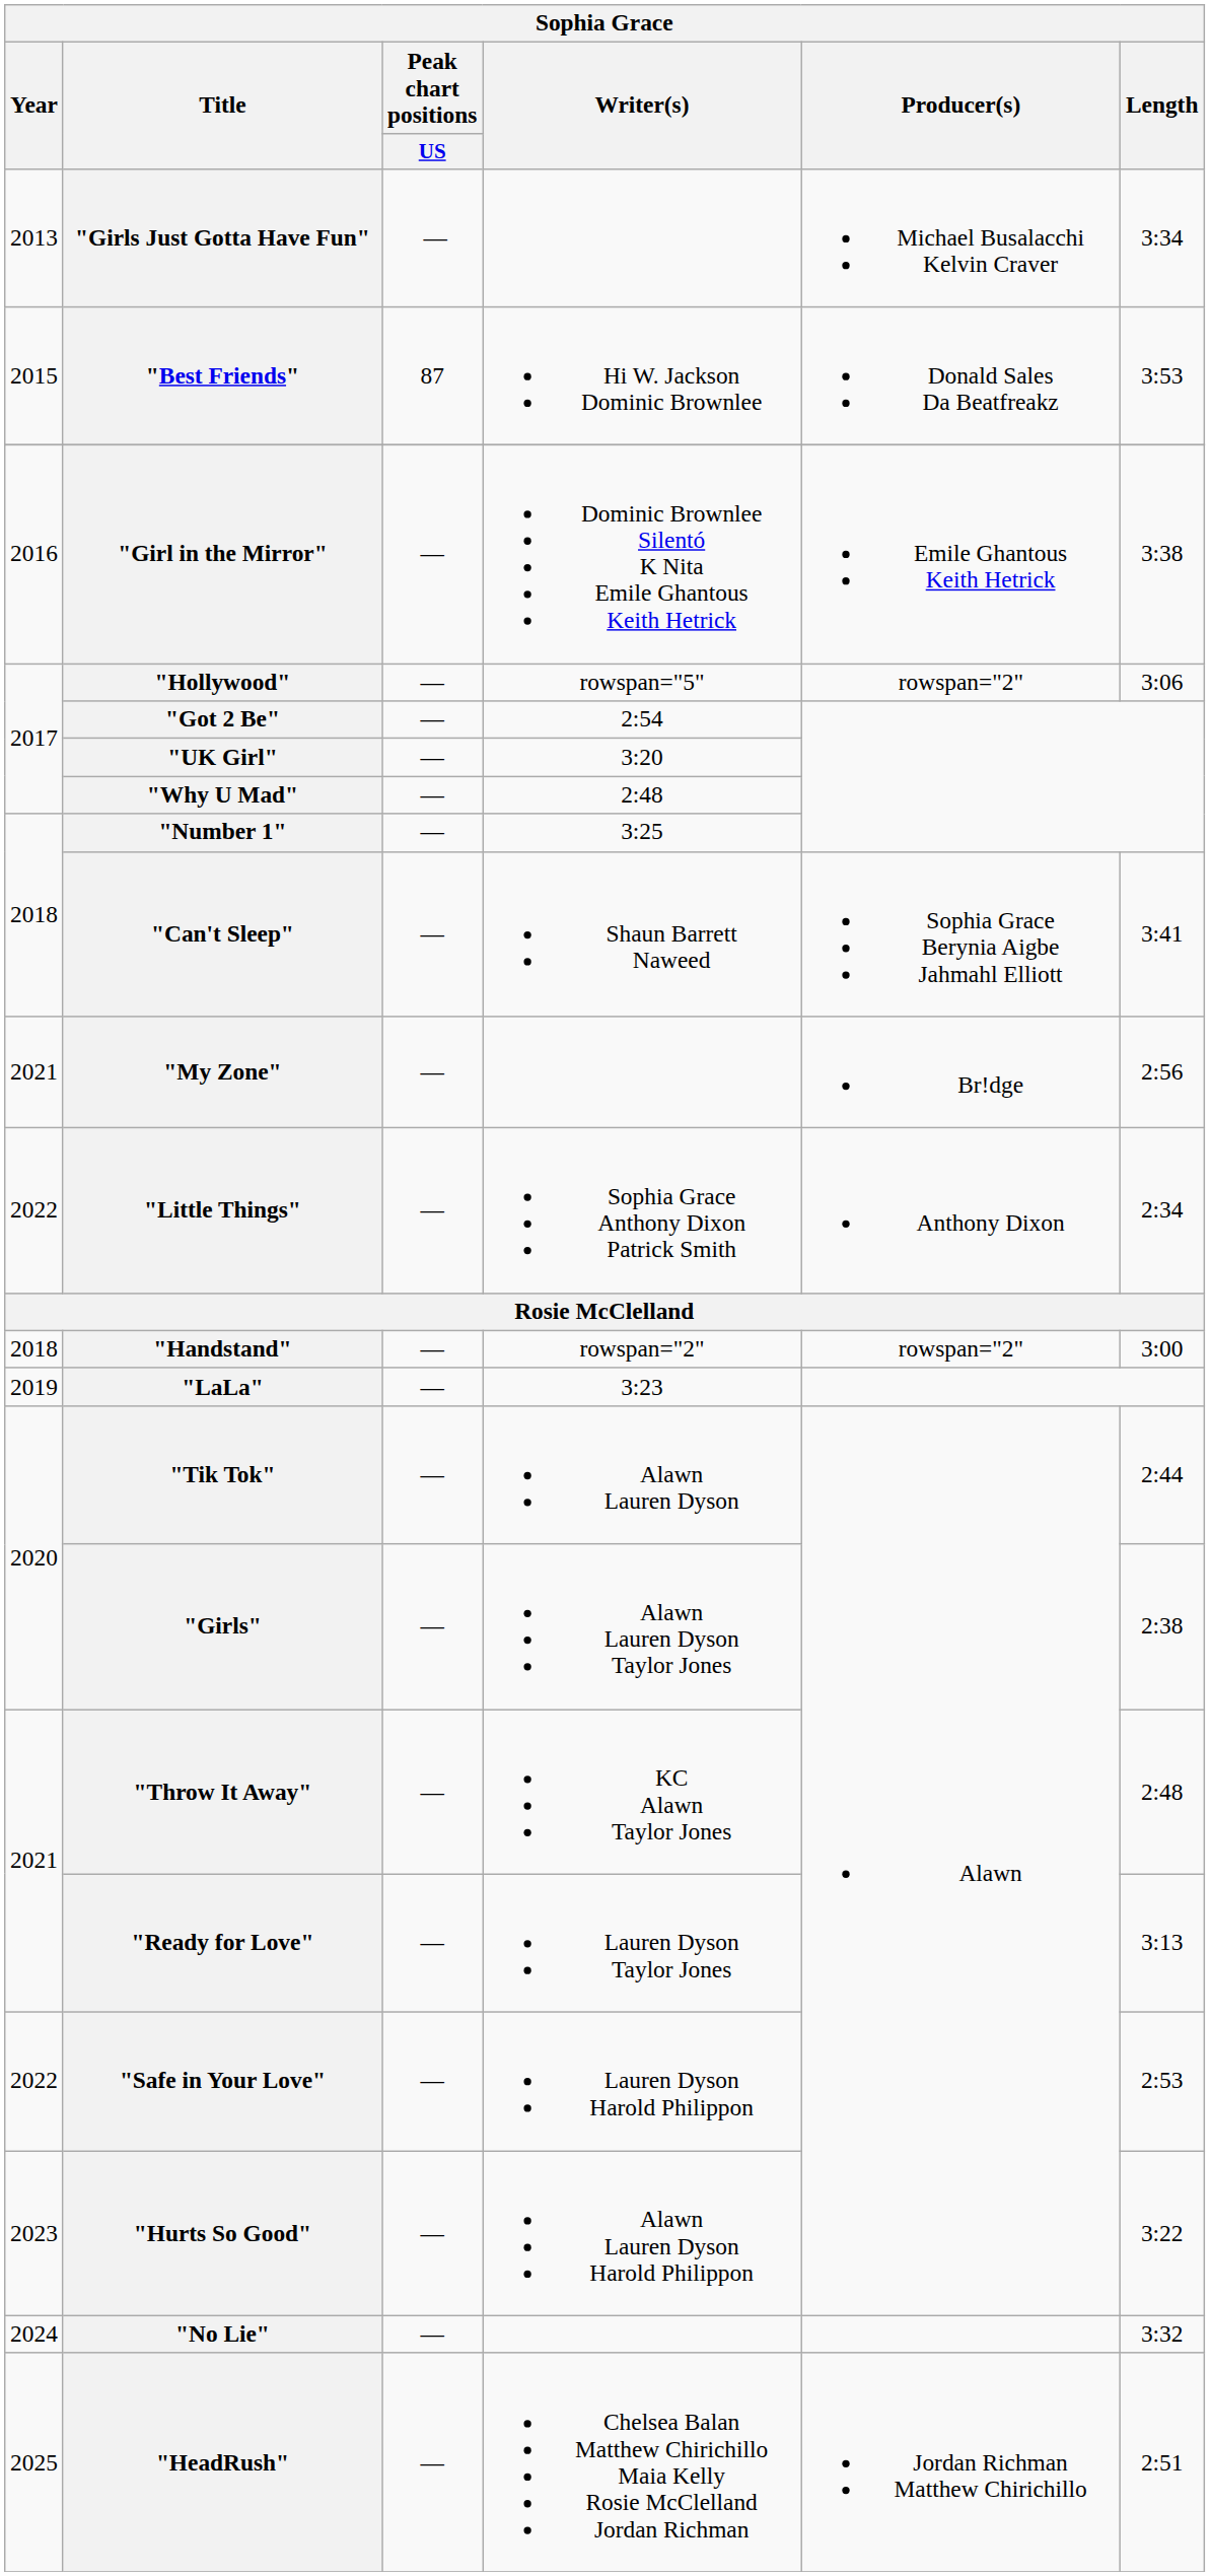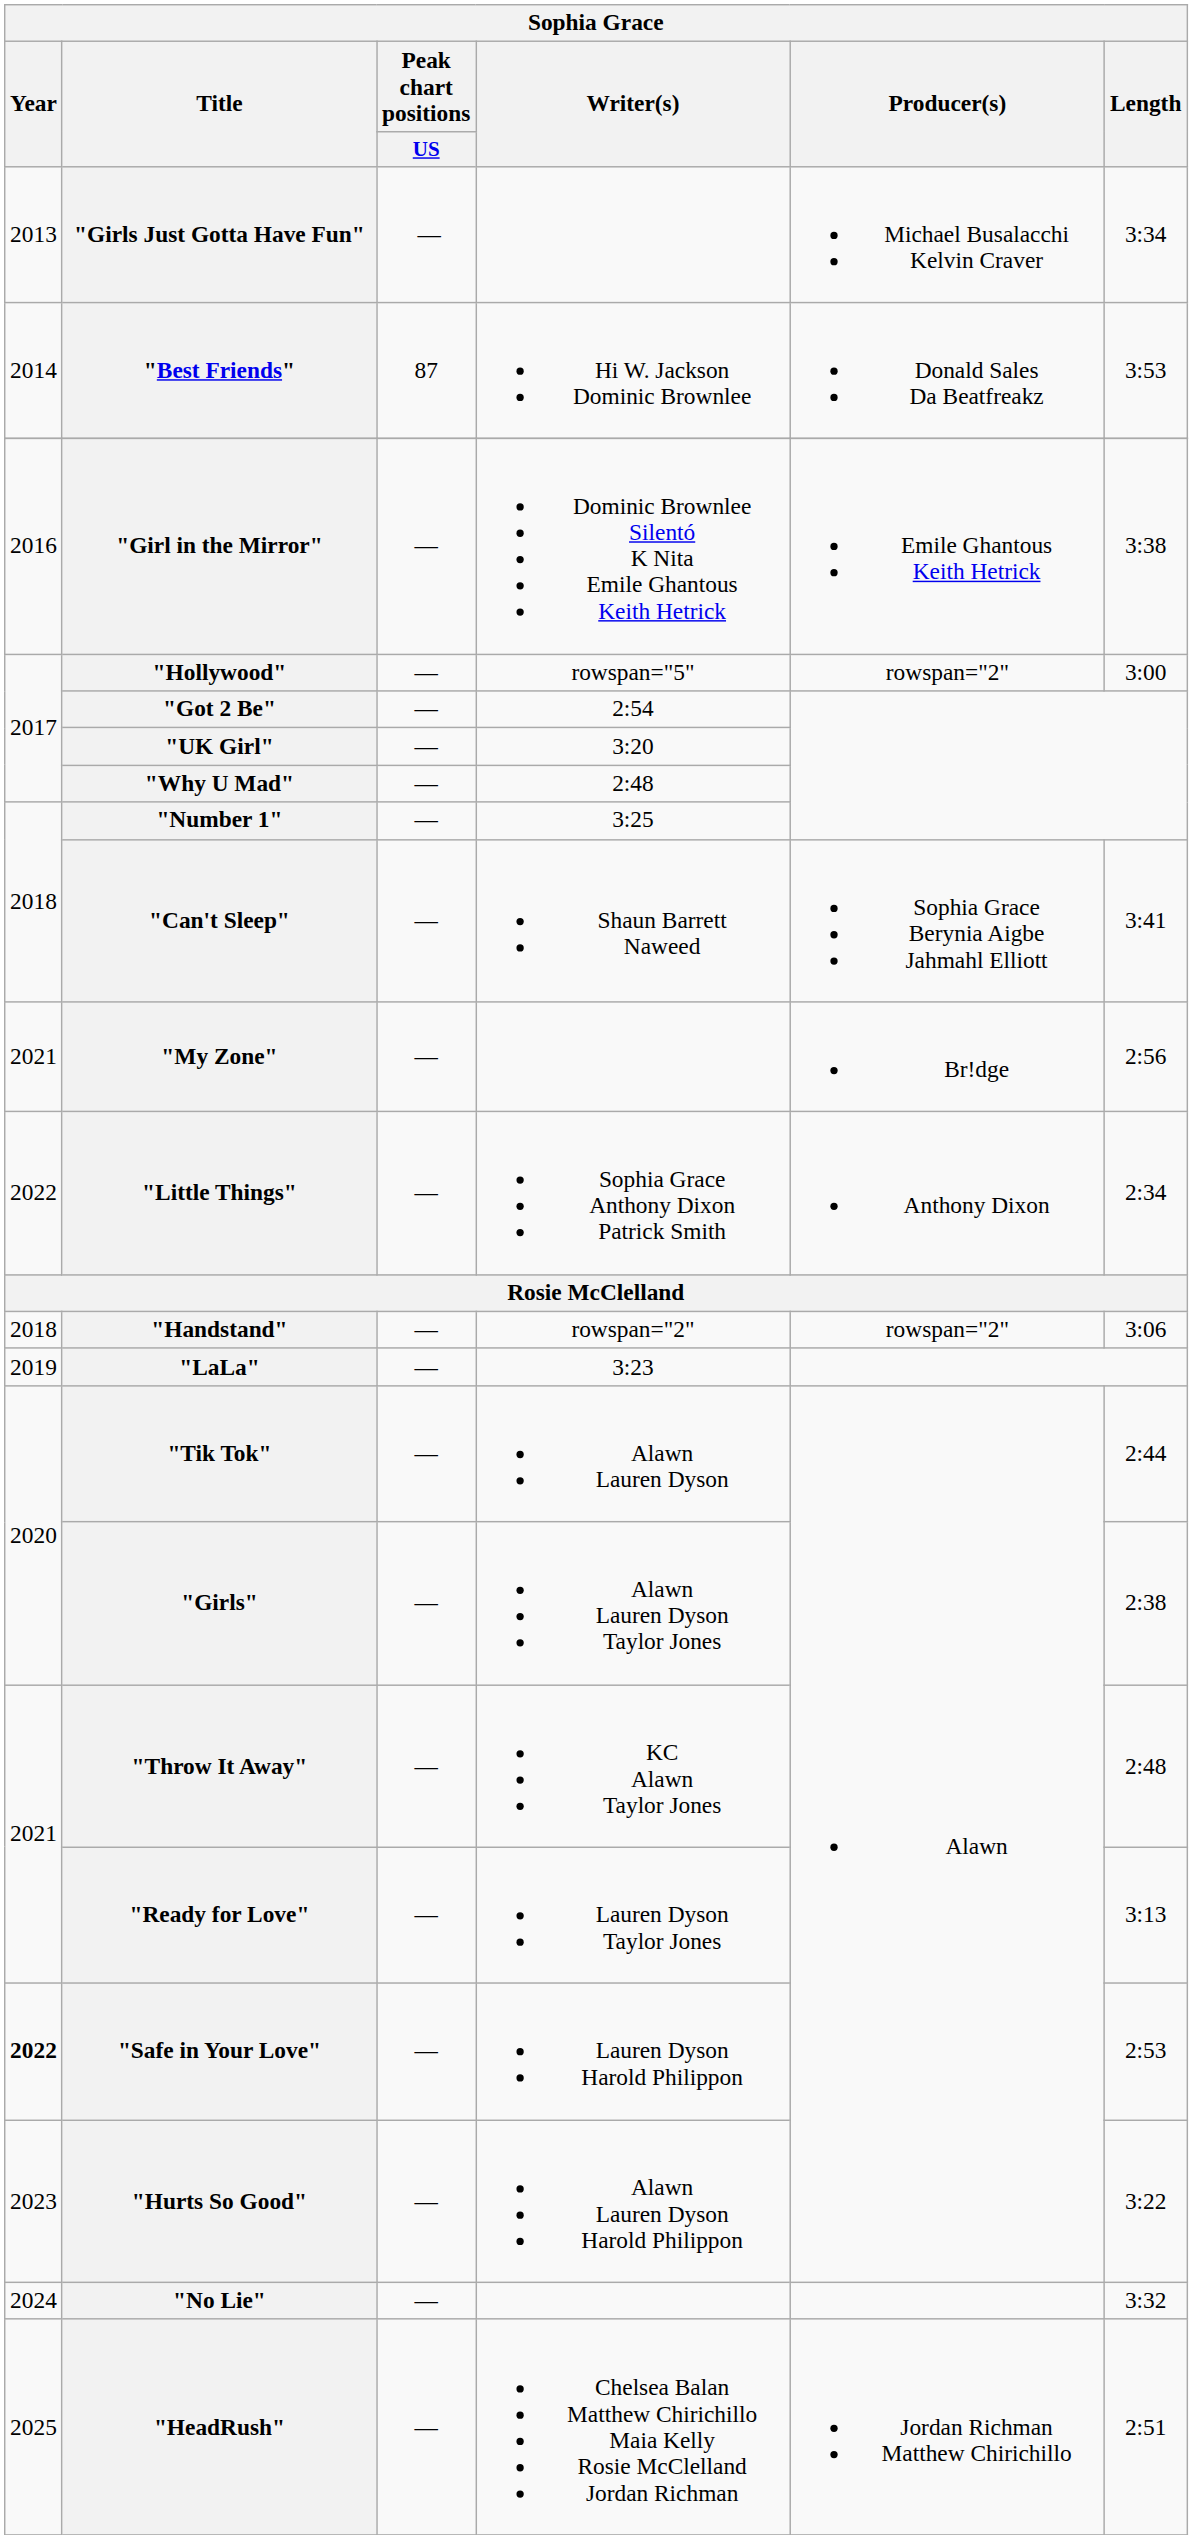 <table class="wikitable plainrowheaders" style="text-align:center;">
 <tr>
 <th colspan="6">Sophia Grace</th>
 </tr>
 <tr>
 <th scope="col" rowspan="2" style="width:1em;">Year</th>
 <th scope="col" rowspan="2" style="width:13em;">Title</th>
 <th scope="col" colspan="1">Peak chart positions</th>
 <th scope="col" rowspan="2" style="width:13em;">Writer(s)</th>
 <th scope="col" rowspan="2" style="width:13em;">Producer(s)</th>
 <th scope="col" rowspan="2" style="width:1em;">Length</th>
 </tr>
 <tr>
 <th scope="col" style="width:3em;font-size:90%;"><a href='#'>US</a><br></th>
 </tr>
 <tr>
 <td>2013</td>
 <th scope="row">"Girls Just Gotta Have Fun"</th>
 <td> —</td>
 <td></td>
 <td><br><ul><li>Michael Busalacchi</li><li>Kelvin Craver</li></ul></td>
 <td>3:34</td>
 </tr>
 <tr>
-<td>2015</td>
+<td>2014</td>
 <th scope="row">"<a href='#'>Best Friends</a>"</th>
 <td>87</td>
 <td><br><ul><li>Hi W. Jackson</li><li>Dominic Brownlee</li></ul></td>
 <td><br><ul><li>Donald Sales</li><li>Da Beatfreakz</li></ul></td>
 <td>3:53</td>
 </tr>
 <tr>
 </tr>
 <tr>
 <td>2016</td>
 <th scope="row">"Girl in the Mirror"<br></th>
 <td>—</td>
 <td><br><ul><li>Dominic Brownlee</li><li><a href='#'>Silentó</a></li><li>K Nita</li><li>Emile Ghantous</li><li><a href='#'>Keith Hetrick</a></li></ul></td>
 <td><br><ul><li>Emile Ghantous</li><li><a href='#'>Keith Hetrick</a></li></ul></td>
 <td>3:38</td>
 </tr>
 <tr>
 <td rowspan="4">2017</td>
 <th scope="row">"Hollywood"</th>
 <td>—</td>
 <td>rowspan="5" </td>
 <td>rowspan="2" </td>
-<td>3:06</td>
+<td>3:00</td>
 </tr>
 <tr>
 <th scope="row">"Got 2 Be"</th>
 <td>—</td>
 <td>2:54</td>
 </tr>
 <tr>
 <th scope="row">"UK Girl"</th>
 <td>—</td>
 <td>3:20</td>
 </tr>
 <tr>
 <th scope="row">"Why U Mad"</th>
 <td>—</td>
 <td>2:48</td>
 </tr>
 <tr>
 <td rowspan="2">2018</td>
 <th scope="row">"Number 1" </th>
 <td>—</td>
 <td>3:25</td>
 </tr>
 <tr>
 <th scope="row">"Can't Sleep"</th>
 <td>—</td>
 <td><br><ul><li>Shaun Barrett</li><li>Naweed</li></ul></td>
 <td><br><ul><li>Sophia Grace</li><li>Berynia Aigbe</li><li>Jahmahl Elliott</li></ul></td>
 <td>3:41</td>
 </tr>
 <tr>
 <td>2021</td>
 <th scope="row">"My Zone"<br></th>
 <td>—</td>
 <td></td>
 <td><br><ul><li>Br!dge</li></ul></td>
 <td>2:56</td>
 </tr>
 <tr>
 <td>2022</td>
 <th scope="row">"Little Things"</th>
 <td>—</td>
 <td><br><ul><li>Sophia Grace</li><li>Anthony Dixon</li><li>Patrick Smith</li></ul></td>
 <td><br><ul><li>Anthony Dixon</li></ul></td>
 <td>2:34</td>
 </tr>
 <tr>
 <th colspan="6">Rosie McClelland</th>
 </tr>
 <tr>
 <td>2018</td>
 <th scope="row">"Handstand"</th>
 <td>—</td>
 <td>rowspan="2" </td>
 <td>rowspan="2" </td>
-<td>3:00</td>
+<td>3:06</td>
 </tr>
 <tr>
 <td>2019</td>
 <th scope="row">"LaLa"</th>
 <td>—</td>
 <td>3:23</td>
 </tr>
 <tr>
 <td rowspan="2">2020</td>
 <th scope="row">"Tik Tok"</th>
 <td>—</td>
 <td><br><ul><li>Alawn</li><li>Lauren Dyson</li></ul></td>
 <td rowspan="6"><br><ul><li>Alawn</li></ul></td>
 <td>2:44</td>
 </tr>
 <tr>
 <th scope="row">"Girls"</th>
 <td>—</td>
 <td><br><ul><li>Alawn</li><li>Lauren Dyson</li><li>Taylor Jones</li></ul></td>
 <td>2:38</td>
 </tr>
 <tr>
 <td rowspan="2">2021</td>
 <th scope="row">"Throw It Away"</th>
 <td>—</td>
 <td><br><ul><li>KC</li><li>Alawn</li><li>Taylor Jones</li></ul></td>
 <td>2:48</td>
 </tr>
 <tr>
 <th scope="row">"Ready for Love"</th>
 <td>—</td>
 <td><br><ul><li>Lauren Dyson</li><li>Taylor Jones</li></ul></td>
 <td>3:13</td>
 </tr>
 <tr>
-<td>2022</td>
+<td><strong>2022</strong></td>
 <th scope="row">"Safe in Your Love"</th>
 <td>—</td>
 <td><br><ul><li>Lauren Dyson</li><li>Harold Philippon</li></ul></td>
 <td>2:53</td>
 </tr>
 <tr>
 <td>2023</td>
 <th scope="row">"Hurts So Good"</th>
 <td>—</td>
 <td><br><ul><li>Alawn</li><li>Lauren Dyson</li><li>Harold Philippon</li></ul></td>
 <td>3:22</td>
 </tr>
 <tr>
 <td>2024</td>
 <th scope="row">"No Lie"</th>
 <td>—</td>
 <td></td>
 <td></td>
 <td>3:32</td>
 </tr>
 <tr>
 <td>2025</td>
 <th scope="row">"HeadRush"</th>
 <td>—</td>
 <td><br><ul><li>Chelsea Balan</li><li>Matthew Chirichillo</li><li>Maia Kelly</li><li>Rosie McClelland</li><li>Jordan Richman</li></ul></td>
 <td><br><ul><li>Jordan Richman</li><li>Matthew Chirichillo</li></ul></td>
 <td>2:51</td>
 </tr>
 </table>
